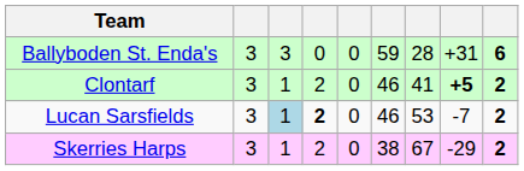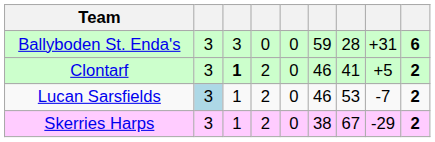 <table class="wikitable" style="text-align:center">
 <tr>
 <th style="width:175px;">Team</th>
 <th width="20"></th>
 <th width="20"></th>
 <th width="20"></th>
 <th width="20"></th>
 <th width="20"></th>
 <th width="20"></th>
 <th width="20"></th>
 <th width="20"></th>
 </tr>
 <tr style="background:#cfc">
 <td><a href='#'>Ballyboden St. Enda's</a></td>
 <td>3</td>
 <td>3</td>
 <td>0</td>
 <td>0</td>
 <td>59</td>
 <td>28</td>
 <td>+31</td>
 <td><strong>6</strong></td>
 </tr>
 <tr style="background:#cfc;">
 <td><a href='#'>Clontarf</a></td>
 <td>3</td>
-<td>1</td>
+<td><strong>1</strong></td>
 <td>2</td>
 <td>0</td>
 <td>46</td>
 <td>41</td>
-<td><strong>+5</strong></td>
+<td>+5</td>
 <td><strong>2</strong></td>
 </tr>
 <tr>
 <td><a href='#'>Lucan Sarsfields</a></td>
-<td>3</td>
-<td style="background: lightblue;">1</td>
-<td><strong>2</strong></td>
+<td style="background: lightblue;">3</td>
+<td>1</td>
+<td>2</td>
 <td>0</td>
 <td>46</td>
 <td>53</td>
 <td>-7</td>
 <td><strong>2</strong></td>
 </tr>
 <tr style="background:#fcf;">
 <td><a href='#'>Skerries Harps</a></td>
 <td>3</td>
 <td>1</td>
 <td>2</td>
 <td>0</td>
 <td>38</td>
 <td>67</td>
 <td>-29</td>
 <td><strong>2</strong></td>
 </tr>
 </table>
